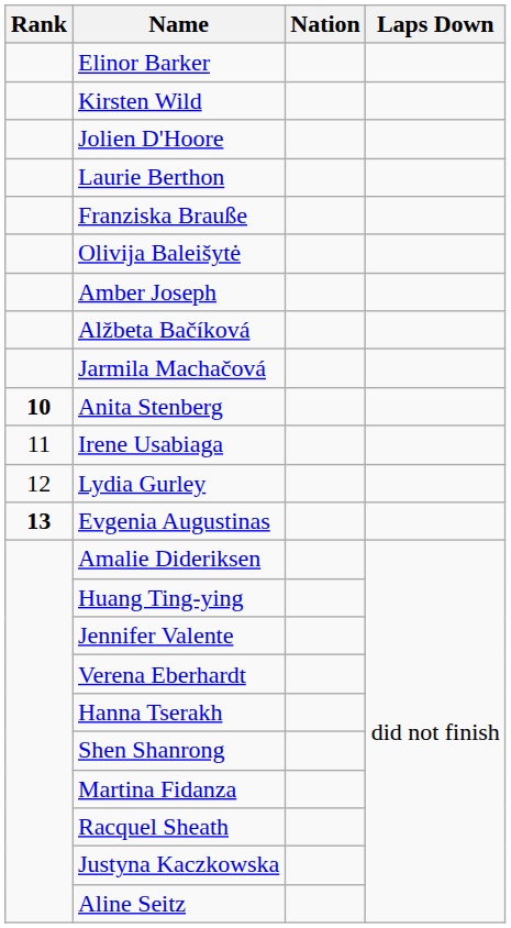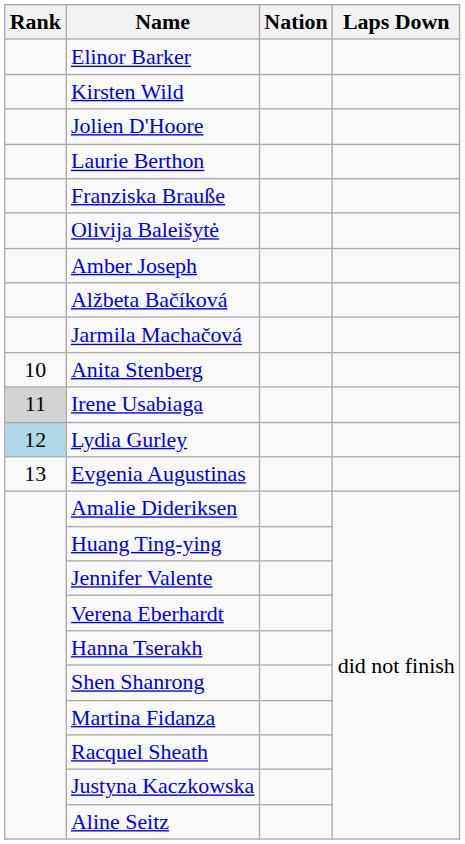 <table class="wikitable sortable" style="text-align:center">
 <tr>
 <th>Rank</th>
 <th>Name</th>
 <th>Nation</th>
 <th>Laps Down</th>
 </tr>
 <tr>
 <td></td>
 <td align=left><a href='#'>Elinor Barker</a></td>
 <td align=left></td>
 <td></td>
 </tr>
 <tr>
 <td></td>
 <td align=left><a href='#'>Kirsten Wild</a></td>
 <td align=left></td>
 <td></td>
 </tr>
 <tr>
 <td></td>
 <td align=left><a href='#'>Jolien D'Hoore</a></td>
 <td align=left></td>
 <td></td>
 </tr>
 <tr>
 <td></td>
 <td align=left><a href='#'>Laurie Berthon</a></td>
 <td align=left></td>
 <td></td>
 </tr>
 <tr>
 <td></td>
 <td align=left><a href='#'>Franziska Brauße</a></td>
 <td align=left></td>
 <td></td>
 </tr>
 <tr>
 <td></td>
 <td align=left><a href='#'>Olivija Baleišytė</a></td>
 <td align=left></td>
 <td></td>
 </tr>
 <tr>
 <td></td>
 <td align=left><a href='#'>Amber Joseph</a></td>
 <td align=left></td>
 <td></td>
 </tr>
 <tr>
 <td></td>
 <td align=left><a href='#'>Alžbeta Bačíková</a></td>
 <td align=left></td>
 <td></td>
 </tr>
 <tr>
 <td></td>
 <td align=left><a href='#'>Jarmila Machačová</a></td>
 <td align=left></td>
 <td></td>
 </tr>
 <tr>
-<td><strong>10</strong></td>
+<td>10</td>
 <td align=left><a href='#'>Anita Stenberg</a></td>
 <td align=left></td>
 <td></td>
 </tr>
 <tr>
-<td>11</td>
+<td style="background: lightgrey;">11</td>
 <td align=left><a href='#'>Irene Usabiaga</a></td>
 <td align=left></td>
 <td></td>
 </tr>
 <tr>
-<td>12</td>
+<td style="background: lightblue;">12</td>
 <td align=left><a href='#'>Lydia Gurley</a></td>
 <td align=left></td>
 <td></td>
 </tr>
 <tr>
-<td><strong>13</strong></td>
+<td>13</td>
 <td align=left><a href='#'>Evgenia Augustinas</a></td>
 <td align=left></td>
 <td></td>
 </tr>
 <tr>
 <td rowspan=10></td>
 <td align=left><a href='#'>Amalie Dideriksen</a></td>
 <td align=left></td>
 <td rowspan=10>did not finish</td>
 </tr>
 <tr>
 <td align=left><a href='#'>Huang Ting-ying</a></td>
 <td align=left></td>
 </tr>
 <tr>
 <td align=left><a href='#'>Jennifer Valente</a></td>
 <td align=left></td>
 </tr>
 <tr>
 <td align=left><a href='#'>Verena Eberhardt</a></td>
 <td align=left></td>
 </tr>
 <tr>
 <td align=left><a href='#'>Hanna Tserakh</a></td>
 <td align=left></td>
 </tr>
 <tr>
 <td align=left><a href='#'>Shen Shanrong</a></td>
 <td align=left></td>
 </tr>
 <tr>
 <td align=left><a href='#'>Martina Fidanza</a></td>
 <td align=left></td>
 </tr>
 <tr>
 <td align=left><a href='#'>Racquel Sheath</a></td>
 <td align=left></td>
 </tr>
 <tr>
 <td align=left><a href='#'>Justyna Kaczkowska</a></td>
 <td align=left></td>
 </tr>
 <tr>
 <td align=left><a href='#'>Aline Seitz</a></td>
 <td align=left></td>
 </tr>
 </table>
